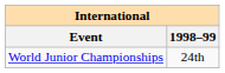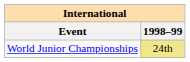 <table class="wikitable" style="text-align:center">
 <tr>
 <th style="background-color: #ffdead; " colspan=2 align=center>International</th>
 </tr>
 <tr>
 <th>Event</th>
 <th>1998–99</th>
 </tr>
 <tr>
 <td align=left><a href='#'>World Junior Championships</a></td>
-<td>24th</td>
+<td style="background: khaki;">24th</td>
 </tr>
 </table>
